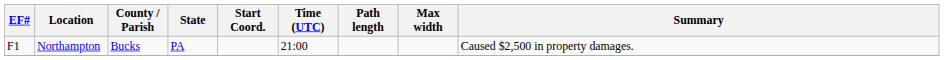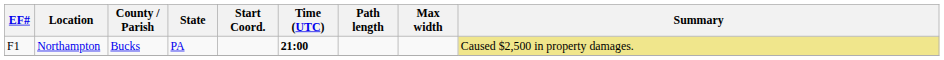 <table class="wikitable sortable" style="width:100%;">
 <tr>
 <th scope="col"  style="width:3%; text-align:center;"><a href='#'>EF#</a></th>
 <th scope="col"  style="width:7%; text-align:center;" class="unsortable">Location</th>
 <th scope="col"  style="width:6%; text-align:center;" class="unsortable">County / Parish</th>
 <th scope="col"  style="width:5%; text-align:center;">State</th>
 <th scope="col"  style="width:6%; text-align:center;">Start Coord.</th>
 <th scope="col"  style="width:6%; text-align:center;">Time (<a href='#'>UTC</a>)</th>
 <th scope="col"  style="width:6%; text-align:center;">Path length</th>
 <th scope="col"  style="width:6%; text-align:center;">Max width</th>
 <th scope="col" class="unsortable" style="width:48%; text-align:center;">Summary</th>
 </tr>
 <tr>
 <td bgcolor=>F1</td>
 <td><a href='#'>Northampton</a></td>
 <td><a href='#'>Bucks</a></td>
 <td><a href='#'>PA</a></td>
 <td></td>
-<td>21:00</td>
+<td><strong>21:00</strong></td>
 <td></td>
 <td></td>
-<td>Caused $2,500 in property damages.</td>
+<td style="background: khaki;">Caused $2,500 in property damages.</td>
 </tr>
 <tr>
 </tr>
 </table>
